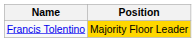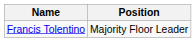 <table class="wikitable">
 <tr>
 <th>Name</th>
 <th>Position</th>
 </tr>
 <tr>
 <td><a href='#'>Francis Tolentino</a></td>
-<td style="background: gold;">Majority Floor Leader</td>
+<td>Majority Floor Leader</td>
 </tr>
 </table>
